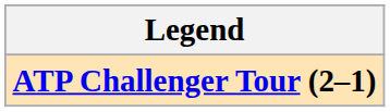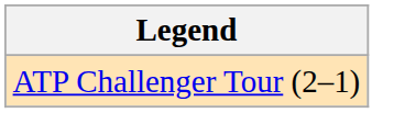 <table class="wikitable">
 <tr>
 <th>Legend</th>
 </tr>
 <tr style="background:moccasin">
-<td><strong><a href='#'>ATP Challenger Tour</a> (2–1)</strong></td>
+<td><a href='#'>ATP Challenger Tour</a> (2–1)</td>
 </tr>
 </table>
